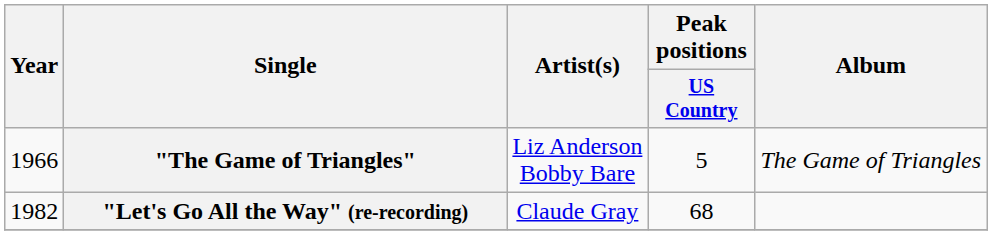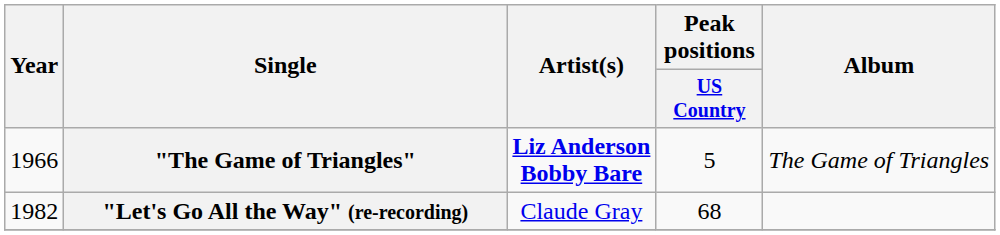 <table class="wikitable plainrowheaders" style="text-align:center;">
 <tr>
 <th rowspan="2">Year</th>
 <th rowspan="2" style="width:18em;">Single</th>
 <th rowspan="2">Artist(s)</th>
 <th>Peak positions</th>
 <th rowspan="2">Album</th>
 </tr>
 <tr style="font-size:smaller;">
 <th width="65"><a href='#'>US Country</a><br></th>
 </tr>
 <tr>
 <td>1966</td>
 <th scope="row">"The Game of Triangles"</th>
-<td><a href='#'>Liz Anderson</a><br><a href='#'>Bobby Bare</a></td>
+<td><strong><a href='#'>Liz Anderson</a><br><a href='#'>Bobby Bare</a></strong></td>
 <td>5</td>
 <td align="left"><em>The Game of Triangles</em></td>
 </tr>
 <tr>
 <td>1982</td>
 <th scope="row">"Let's Go All the Way" <small>(re-recording)</small></th>
 <td><a href='#'>Claude Gray</a></td>
 <td>68</td>
 <td></td>
 </tr>
 <tr>
 </tr>
 </table>
